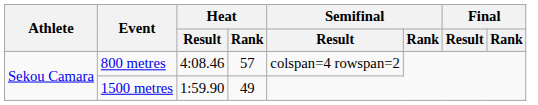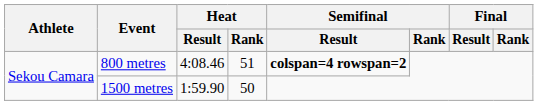 <table class=wikitable style=font-size:90%>
 <tr>
 <th rowspan=2>Athlete</th>
 <th rowspan=2>Event</th>
 <th colspan=2>Heat</th>
 <th colspan=2>Semifinal</th>
 <th colspan=2>Final</th>
 </tr>
 <tr style=font-size:95%>
 <th>Result</th>
 <th>Rank</th>
 <th>Result</th>
 <th>Rank</th>
 <th>Result</th>
 <th>Rank</th>
 </tr>
 <tr align=center>
 <td align=left rowspan=2><a href='#'>Sekou Camara</a></td>
 <td align=left><a href='#'>800 metres</a></td>
 <td>4:08.46</td>
-<td>57</td>
-<td>colspan=4 rowspan=2 </td>
+<td>51</td>
+<td><strong>colspan=4 rowspan=2 </strong></td>
 </tr>
 <tr align=center>
 <td align=left><a href='#'>1500 metres</a></td>
 <td>1:59.90</td>
-<td>49</td>
+<td>50</td>
 </tr>
 </table>
